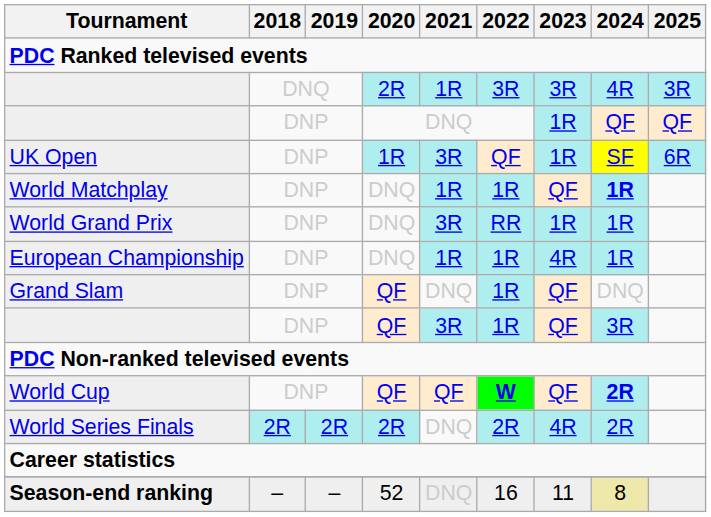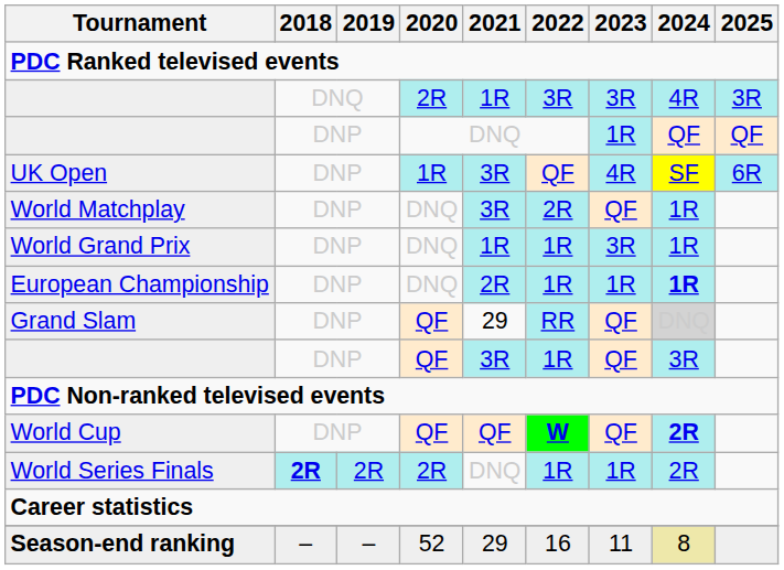 <table class="wikitable">
 <tr>
 <th>Tournament</th>
 <th>2018</th>
 <th>2019</th>
 <th>2020</th>
 <th>2021</th>
 <th>2022</th>
 <th>2023</th>
 <th>2024</th>
 <th>2025</th>
 </tr>
 <tr>
 <td colspan="9" style="text-align:left"><strong><a href='#'>PDC</a> Ranked televised events</strong></td>
 </tr>
 <tr>
 <td style="background:#efefef;"></td>
 <td colspan="2" style="text-align:center; color:#ccc;">DNQ</td>
 <td style="text-align:center; background:#afeeee;"><a href='#'>2R</a></td>
 <td style="text-align:center; background:#afeeee;"><a href='#'>1R</a></td>
 <td style="text-align:center; background:#afeeee;"><a href='#'>3R</a></td>
 <td style="text-align:center; background:#afeeee;"><a href='#'>3R</a></td>
 <td style="text-align:center; background:#afeeee;"><a href='#'>4R</a></td>
 <td style="text-align:center; background:#afeeee;"><a href='#'>3R</a></td>
 </tr>
 <tr>
 <td style="background:#efefef;"></td>
 <td colspan="2" style="text-align:center; color:#ccc;">DNP</td>
 <td colspan="3" style="text-align:center; color:#ccc;">DNQ</td>
 <td style="text-align:center; background:#afeeee;"><a href='#'>1R</a></td>
 <td style="text-align:center; background:#ffebcd;"><a href='#'>QF</a></td>
 <td style="text-align:center; background:#ffebcd;"><a href='#'>QF</a></td>
 </tr>
 <tr>
 <td style="background:#efefef;"><a href='#'>UK Open</a></td>
 <td colspan="2" style="text-align:center; color:#ccc;">DNP</td>
 <td style="text-align:center; background:#afeeee;"><a href='#'>1R</a></td>
 <td style="text-align:center; background:#afeeee;"><a href='#'>3R</a></td>
 <td style="text-align:center; background:#ffebcd;"><a href='#'>QF</a></td>
-<td style="text-align:center; background:#afeeee;"><a href='#'>1R</a></td>
+<td style="text-align:center; background:#afeeee;"><a href='#'>4R</a></td>
 <td style="text-align:center; background:yellow;"><a href='#'>SF</a></td>
 <td style="text-align:center; background:#afeeee;"><a href='#'>6R</a></td>
 </tr>
 <tr>
 <td style="background:#efefef;"><a href='#'>World Matchplay</a></td>
 <td colspan="2" style="text-align:center; color:#ccc;">DNP</td>
 <td style="text-align:center; color:#ccc;">DNQ</td>
+<td style="text-align:center; background:#afeeee;"><a href='#'>3R</a></td>
+<td style="text-align:center; background:#afeeee;"><a href='#'>2R</a></td>
+<td style="text-align:center; background:#ffebcd;"><a href='#'>QF</a></td>
 <td style="text-align:center; background:#afeeee;"><a href='#'>1R</a></td>
-<td style="text-align:center; background:#afeeee;"><a href='#'>1R</a></td>
-<td style="text-align:center; background:#ffebcd;"><a href='#'>QF</a></td>
-<td style="text-align:center; background:#afeeee;"><strong><a href='#'>1R</a></strong></td>
 <td></td>
 </tr>
 <tr>
 <td style="background:#efefef;"><a href='#'>World Grand Prix</a></td>
 <td colspan="2" style="text-align:center; color:#ccc;">DNP</td>
 <td style="text-align:center; color:#ccc;">DNQ</td>
+<td style="text-align:center; background:#afeeee;"><a href='#'>1R</a></td>
+<td style="text-align:center; background:#afeeee;"><a href='#'>1R</a></td>
 <td style="text-align:center; background:#afeeee;"><a href='#'>3R</a></td>
-<td style="text-align:center;background:#afeeee"><a href='#'>RR</a></td>
-<td style="text-align:center; background:#afeeee;"><a href='#'>1R</a></td>
 <td style="text-align:center; background:#afeeee;"><a href='#'>1R</a></td>
 <td></td>
 </tr>
 <tr>
 <td style="background:#efefef;"><a href='#'>European Championship</a></td>
 <td colspan="2" style="text-align:center; color:#ccc;">DNP</td>
 <td style="text-align:center; color:#ccc;">DNQ</td>
+<td style="text-align:center; background:#afeeee;"><a href='#'>2R</a></td>
 <td style="text-align:center; background:#afeeee;"><a href='#'>1R</a></td>
 <td style="text-align:center; background:#afeeee;"><a href='#'>1R</a></td>
-<td style="text-align:center; background:#afeeee;"><a href='#'>4R</a></td>
-<td style="text-align:center; background:#afeeee;"><a href='#'>1R</a></td>
+<td style="text-align:center; background:#afeeee;"><strong><a href='#'>1R</a></strong></td>
 <td></td>
 </tr>
 <tr>
 <td style="background:#efefef;"><a href='#'>Grand Slam</a></td>
 <td colspan="2" style="text-align:center; color:#ccc;">DNP</td>
 <td style="text-align:center;background:#ffebcd"><a href='#'>QF</a></td>
-<td style="text-align:center; color:#ccc;">DNQ</td>
-<td style="text-align:center; background:#afeeee;"><a href='#'>1R</a></td>
+<td style="text-align:center;">29</td>
+<td style="text-align:center;background:#afeeee"><a href='#'>RR</a></td>
 <td style="text-align:center;background:#ffebcd"><a href='#'>QF</a></td>
-<td style="text-align:center; color:#ccc;">DNQ</td>
+<td style="background: lightgrey; text-align:center; color:#ccc;">DNQ</td>
 <td></td>
 </tr>
 <tr>
 <td style="background:#efefef;"></td>
 <td colspan="2" style="text-align:center; color:#ccc;">DNP</td>
 <td style="text-align:center; background:#ffebcd;"><a href='#'>QF</a></td>
 <td style="text-align:center; background:#afeeee;"><a href='#'>3R</a></td>
 <td style="text-align:center; background:#afeeee;"><a href='#'>1R</a></td>
 <td style="text-align:center; background:#ffebcd;"><a href='#'>QF</a></td>
 <td style="text-align:center; background:#afeeee;"><a href='#'>3R</a></td>
 <td></td>
 </tr>
 <tr>
 <td colspan="9" style="text-align:left"><strong><a href='#'>PDC</a> Non-ranked televised events</strong></td>
 </tr>
 <tr>
 <td style="background:#efefef;"><a href='#'>World Cup</a></td>
 <td colspan="2" style="text-align:center; color:#ccc;">DNP</td>
 <td style="text-align:center; background:#ffebcd;"><a href='#'>QF</a></td>
 <td style="text-align:center; background:#ffebcd;"><a href='#'>QF</a></td>
 <td style="text-align:center; background:lime;"><a href='#'><strong>W</strong></a></td>
 <td style="text-align:center; background:#ffebcd;"><a href='#'>QF</a></td>
 <td style="text-align:center; background:#afeeee;"><strong><a href='#'>2R</a></strong></td>
 <td></td>
 </tr>
 <tr>
 <td style="background:#efefef;"><a href='#'>World Series Finals</a></td>
-<td style="text-align:center; background:#afeeee;"><a href='#'>2R</a></td>
+<td style="text-align:center; background:#afeeee;"><strong><a href='#'>2R</a></strong></td>
 <td style="text-align:center; background:#afeeee;"><a href='#'>2R</a></td>
 <td style="text-align:center; background:#afeeee;"><a href='#'>2R</a></td>
 <td style="text-align:center; color:#ccc;">DNQ</td>
-<td style="text-align:center; background:#afeeee;"><a href='#'>2R</a></td>
-<td style="text-align:center; background:#afeeee;"><a href='#'>4R</a></td>
+<td style="text-align:center; background:#afeeee;"><a href='#'>1R</a></td>
+<td style="text-align:center; background:#afeeee;"><a href='#'>1R</a></td>
 <td style="text-align:center; background:#afeeee;"><a href='#'>2R</a></td>
 <td></td>
 </tr>
 <tr>
 <td colspan="9" align="left"><strong>Career statistics</strong></td>
 </tr>
 <tr>
 </tr>
 <tr bgcolor="efefef">
 <td align="left"><strong>Season-end ranking</strong></td>
 <td style="text-align:center;">–</td>
 <td style="text-align:center;">–</td>
 <td style="text-align:center;">52</td>
-<td style="text-align:center; color:#ccc;">DNQ</td>
+<td style="text-align:center;">29</td>
 <td style="text-align:center;">16</td>
 <td style="text-align:center;">11</td>
 <td style="text-align:center; background:#eee8aa;">8</td>
 <td></td>
 </tr>
 </table>
